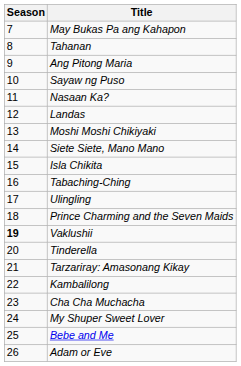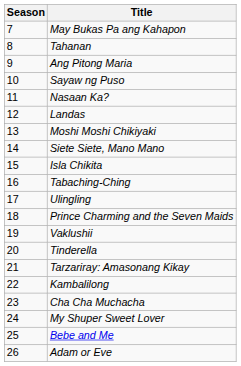 <table class="wikitable">
 <tr>
 <th>Season</th>
 <th>Title</th>
 </tr>
 <tr>
 <td>7</td>
 <td><em>May Bukas Pa ang Kahapon</em></td>
 </tr>
 <tr>
 <td>8</td>
 <td><em>Tahanan</em></td>
 </tr>
 <tr>
 <td>9</td>
 <td><em>Ang Pitong Maria</em></td>
 </tr>
 <tr>
 <td>10</td>
 <td><em>Sayaw ng Puso</em></td>
 </tr>
 <tr>
 <td>11</td>
 <td><em>Nasaan Ka?</em></td>
 </tr>
 <tr>
 <td>12</td>
 <td><em>Landas</em></td>
 </tr>
 <tr>
 <td>13</td>
 <td><em>Moshi Moshi Chikiyaki</em></td>
 </tr>
 <tr>
 <td>14</td>
 <td><em>Siete Siete, Mano Mano</em></td>
 </tr>
 <tr>
 <td>15</td>
 <td><em>Isla Chikita</em></td>
 </tr>
 <tr>
 <td>16</td>
 <td><em>Tabaching-Ching</em></td>
 </tr>
 <tr>
 <td>17</td>
 <td><em>Ulingling</em></td>
 </tr>
 <tr>
 <td>18</td>
 <td><em>Prince Charming and the Seven Maids</em></td>
 </tr>
 <tr>
-<td><strong>19</strong></td>
+<td>19</td>
 <td><em>Vaklushii</em></td>
 </tr>
 <tr>
 <td>20</td>
 <td><em>Tinderella</em></td>
 </tr>
 <tr>
 <td>21</td>
 <td><em>Tarzariray: Amasonang Kikay</em></td>
 </tr>
 <tr>
 <td>22</td>
 <td><em>Kambalilong</em></td>
 </tr>
 <tr>
 <td>23</td>
 <td><em>Cha Cha Muchacha</em></td>
 </tr>
 <tr>
 <td>24</td>
 <td><em>My Shuper Sweet Lover</em></td>
 </tr>
 <tr>
 <td>25</td>
 <td><em><a href='#'>Bebe and Me</a></em></td>
 </tr>
 <tr>
 <td>26</td>
 <td><em>Adam or Eve</em></td>
 </tr>
 </table>
